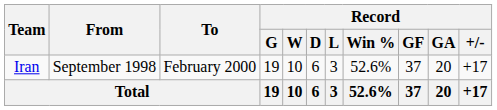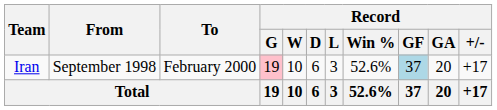 <table class="wikitable" style="text-align: center">
 <tr>
 <th rowspan="2">Team</th>
 <th rowspan="2">From</th>
 <th rowspan="2">To</th>
 <th colspan="8">Record</th>
 </tr>
 <tr>
 <th>G</th>
 <th>W</th>
 <th>D</th>
 <th>L</th>
 <th>Win %</th>
 <th>GF</th>
 <th>GA</th>
 <th>+/-</th>
 </tr>
 <tr>
 <td><a href='#'>Iran</a></td>
 <td align="left">September 1998</td>
 <td align="left">February 2000</td>
-<td>19</td>
+<td style="background: pink;">19</td>
 <td>10</td>
 <td>6</td>
 <td>3</td>
 <td>52.6%</td>
-<td>37</td>
+<td style="background: lightblue;">37</td>
 <td>20</td>
 <td>+17</td>
 </tr>
 <tr>
 <th colspan="3">Total</th>
 <th>19</th>
 <th>10</th>
 <th>6</th>
 <th>3</th>
 <th>52.6%</th>
 <th>37</th>
 <th>20</th>
 <th>+17</th>
 </tr>
 </table>
